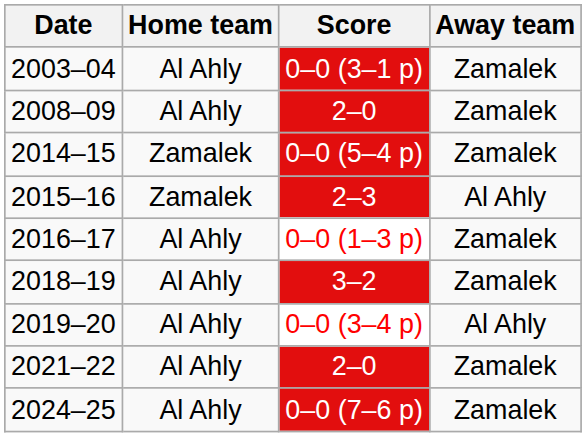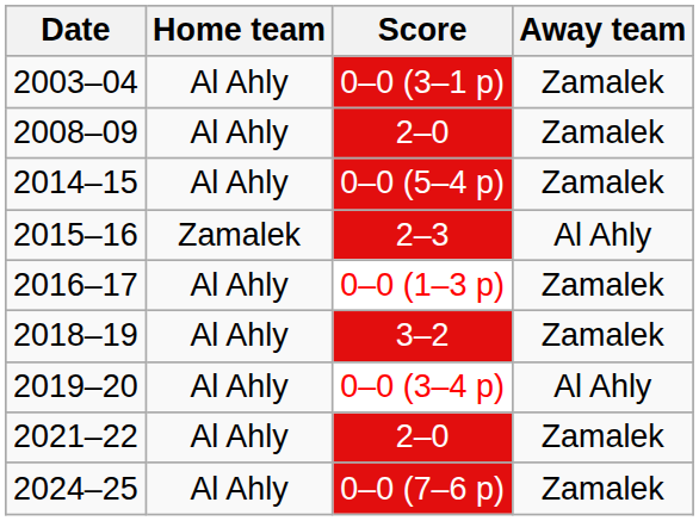 <table class="wikitable" style="text-align: center;">
 <tr>
 <th>Date</th>
 <th>Home team</th>
 <th>Score</th>
 <th>Away team</th>
 </tr>
 <tr>
 <td>2003–04</td>
 <td>Al Ahly</td>
 <td style="text-align:center; background:#E20E0E; color:#FFFFFF">0–0 (3–1 p)</td>
 <td>Zamalek</td>
 </tr>
 <tr>
 <td>2008–09</td>
 <td>Al Ahly</td>
 <td style="text-align:center; background:#E20E0E; color:#FFFFFF">2–0</td>
 <td>Zamalek</td>
 </tr>
 <tr>
 <td>2014–15</td>
-<td>Zamalek</td>
+<td>Al Ahly</td>
 <td style="text-align:center; background:#E20E0E; color:#FFFFFF">0–0 (5–4 p)</td>
 <td>Zamalek</td>
 </tr>
 <tr>
 <td>2015–16</td>
 <td>Zamalek</td>
 <td style="text-align:center; background:#E20E0E; color:#FFFFFF">2–3</td>
 <td>Al Ahly</td>
 </tr>
 <tr>
 <td>2016–17</td>
 <td>Al Ahly</td>
 <td style="text-align:center; background:#fff;color:red;">0–0 (1–3 p)</td>
 <td>Zamalek</td>
 </tr>
 <tr>
 <td>2018–19</td>
 <td>Al Ahly</td>
 <td style="text-align:center; background:#E20E0E; color:#FFFFFF">3–2</td>
 <td>Zamalek</td>
 </tr>
 <tr>
 <td>2019–20</td>
 <td>Al Ahly</td>
 <td style="text-align:center; background:#fff;color:red;">0–0 (3–4 p)</td>
 <td>Al Ahly</td>
 </tr>
 <tr>
 <td>2021–22</td>
 <td>Al Ahly</td>
 <td style="text-align:center; background:#E20E0E; color:#FFFFFF">2–0</td>
 <td>Zamalek</td>
 </tr>
 <tr>
 <td>2024–25</td>
 <td>Al Ahly</td>
 <td style="text-align:center; background:#E20E0E; color:#FFFFFF">0–0 (7–6 p)</td>
 <td>Zamalek</td>
 </tr>
 </table>
